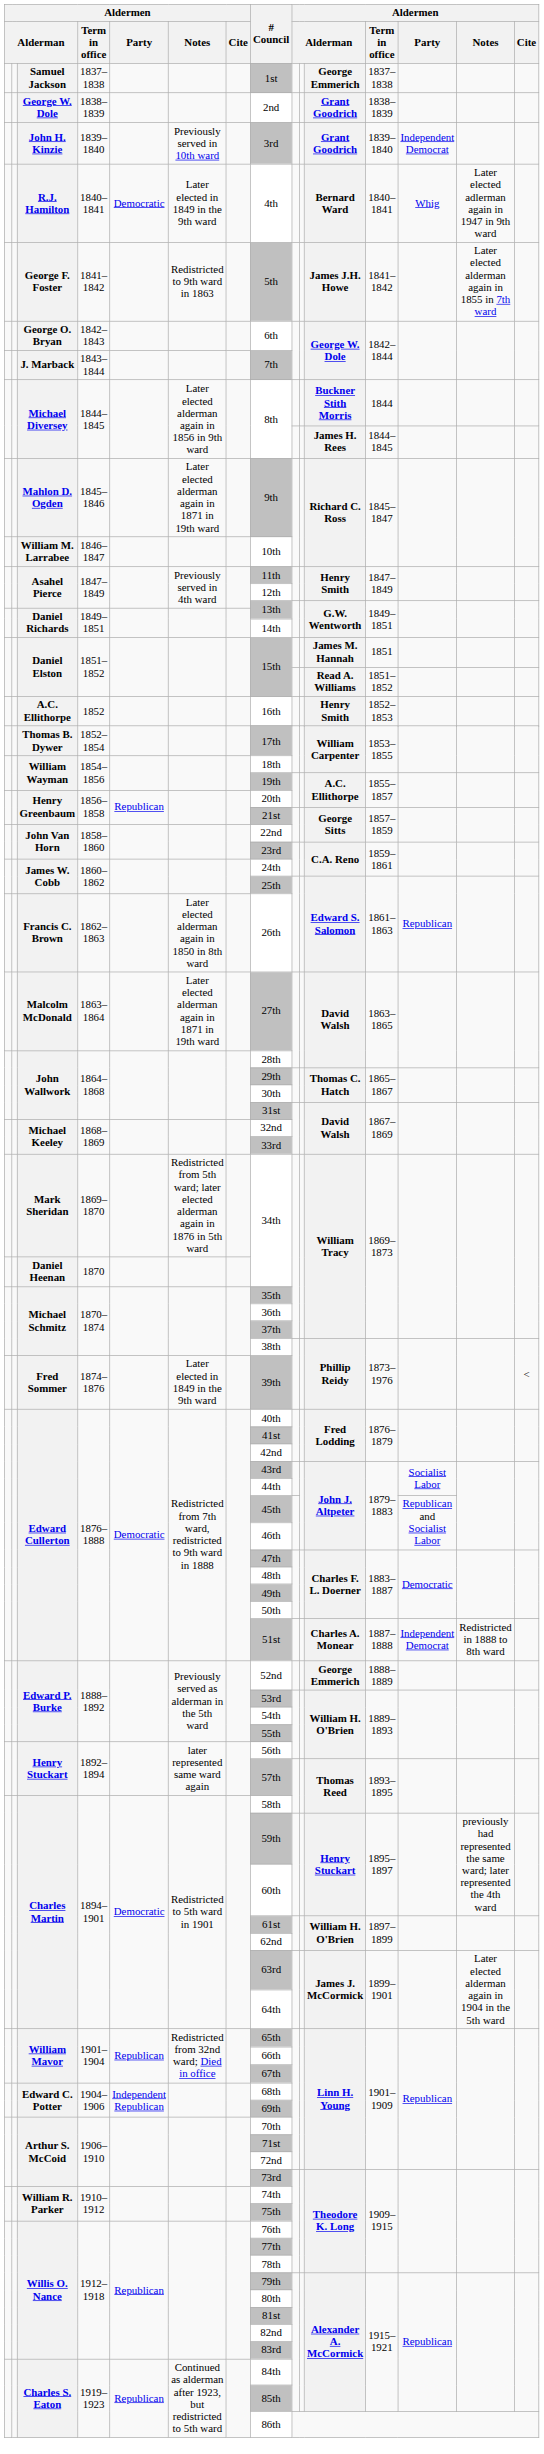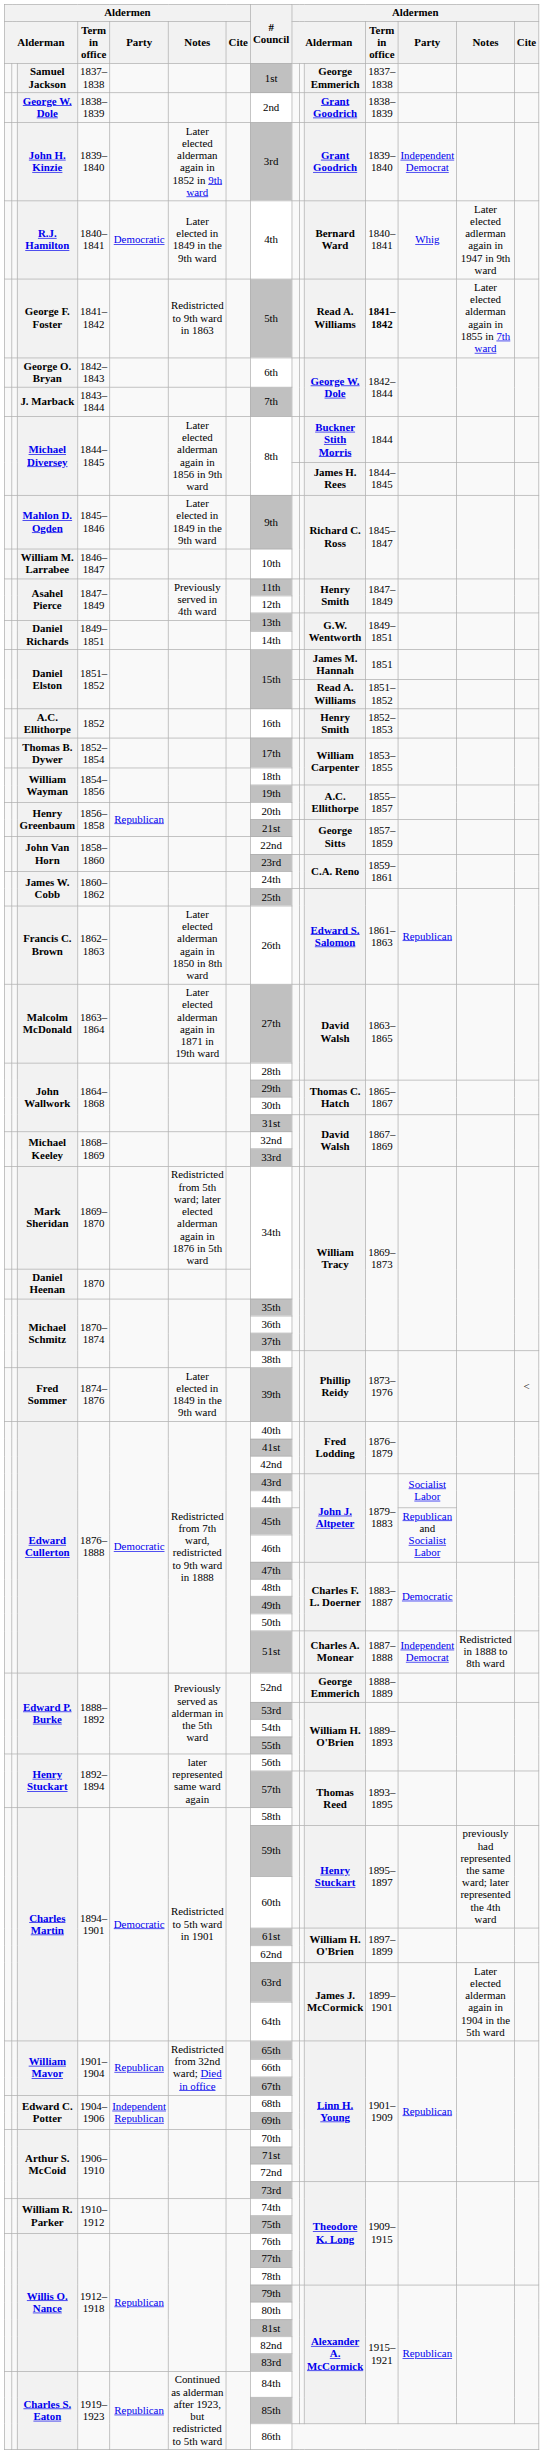 <table class="wikitable" style="text-align:center;">
 <tr>
 <th scope="col" colspan="7">Aldermen</th>
 <th rowspan=2 scope=col># Council</th>
 <th scope="col" colspan="7">Aldermen</th>
 </tr>
 <tr>
 <th scope="col" colspan="3">Alderman</th>
 <th scope="col">Term in office</th>
 <th scope="col">Party</th>
 <th scope="col">Notes</th>
 <th scope="col">Cite</th>
 <th scope="col" colspan="3">Alderman</th>
 <th scope="col">Term in office</th>
 <th scope="col">Party</th>
 <th scope="col">Notes</th>
 <th scope="col">Cite</th>
 </tr>
 <tr>
 <td></td>
 <td></td>
 <th scope="row">Samuel Jackson</th>
 <td>1837–1838</td>
 <td></td>
 <td></td>
 <td></td>
 <td style= "background-color:#C0C0C0">1st</td>
 <td></td>
 <td></td>
 <th scope="row">George Emmerich</th>
 <td>1837–1838</td>
 <td></td>
 <td></td>
 <td></td>
 </tr>
 <tr>
 <td></td>
 <td></td>
 <th scope="row"><a href='#'>George W. Dole</a></th>
 <td>1838–1839</td>
 <td></td>
 <td></td>
 <td></td>
 <td style= "background-color:#FFFFFF">2nd</td>
 <td></td>
 <td></td>
 <th scope="row"><a href='#'>Grant Goodrich</a></th>
 <td>1838–1839</td>
 <td></td>
 <td></td>
 <td></td>
 </tr>
 <tr>
 <td></td>
 <td></td>
 <th scope="row"><a href='#'>John H. Kinzie</a></th>
 <td>1839–1840</td>
 <td></td>
-<td>Previously served in <a href='#'>10th ward</a></td>
+<td>Later elected alderman again in 1852 in <a href='#'>9th ward</a></td>
 <td></td>
 <td style= "background-color:#C0C0C0">3rd</td>
 <td> </td>
 <td></td>
 <th scope="row"><a href='#'>Grant Goodrich</a></th>
 <td>1839–1840</td>
 <td><a href='#'>Independent Democrat</a></td>
 <td></td>
 <td></td>
 </tr>
 <tr>
 <td> </td>
 <td></td>
 <th scope="row"><a href='#'>R.J. Hamilton</a></th>
 <td>1840–1841</td>
 <td><a href='#'>Democratic</a></td>
 <td>Later elected in 1849 in the 9th ward</td>
 <td></td>
 <td style= "background-color:#FFFFFF">4th</td>
 <td> </td>
 <td></td>
 <th scope="row">Bernard Ward</th>
 <td>1840–1841</td>
 <td><a href='#'>Whig</a></td>
 <td>Later elected adlerman again in 1947 in 9th ward</td>
 <td></td>
 </tr>
 <tr>
 <td></td>
 <td></td>
 <th scope="row">George F. Foster</th>
 <td>1841–1842</td>
 <td></td>
 <td>Redistricted to 9th ward in 1863</td>
 <td></td>
 <td style= "background-color:#C0C0C0">5th</td>
 <td></td>
 <td></td>
-<th scope="row">James J.H. Howe</th>
-<td>1841–1842</td>
+<th scope="row">Read A. Williams</th>
+<td><strong>1841–1842</strong></td>
 <td></td>
 <td>Later elected alderman again in 1855 in <a href='#'>7th ward</a></td>
 <td></td>
 </tr>
 <tr>
 <td></td>
 <td></td>
 <th scope="row">George O. Bryan</th>
 <td>1842–1843</td>
 <td></td>
 <td></td>
 <td></td>
 <td style= "background-color:#FFFFFF">6th</td>
 <td rowspan=2></td>
 <td rowspan=2></td>
 <th rowspan=2 scope="row"><a href='#'>George W. Dole</a></th>
 <td rowspan=2>1842–1844</td>
 <td rowspan=2></td>
 <td rowspan=2></td>
 <td rowspan=2></td>
 </tr>
 <tr>
 <td></td>
 <td></td>
 <th scope="row">J. Marback</th>
 <td>1843–1844</td>
 <td></td>
 <td></td>
 <td></td>
 <td style= "background-color:#C0C0C0">7th</td>
 </tr>
 <tr>
 <td rowspan=2></td>
 <td rowspan=2></td>
 <th rowspan=2 scope="row"><a href='#'>Michael Diversey</a></th>
 <td rowspan=2>1844–1845</td>
 <td rowspan=2></td>
 <td rowspan=2>Later elected alderman again in 1856 in 9th ward</td>
 <td rowspan=2></td>
 <td rowspan=2 style= "background-color:#FFFFFF">8th</td>
 <td></td>
 <td></td>
 <th scope="row"><a href='#'>Buckner Stith Morris</a></th>
 <td>1844</td>
 <td></td>
 <td></td>
 <td></td>
 </tr>
 <tr>
 <td></td>
 <td></td>
 <th scope="row">James H. Rees</th>
 <td>1844–1845</td>
 <td></td>
 <td></td>
 <td></td>
 </tr>
 <tr>
 <td></td>
 <td></td>
 <th scope="row"><a href='#'>Mahlon D. Ogden</a></th>
 <td>1845–1846</td>
 <td></td>
-<td>Later elected alderman again in 1871 in 19th ward</td>
+<td>Later elected in 1849 in the 9th ward</td>
 <td></td>
 <td style= "background-color:#C0C0C0">9th</td>
 <td rowspan=2></td>
 <td rowspan=2></td>
 <th rowspan=2 scope="row">Richard C. Ross</th>
 <td rowspan=2>1845–1847</td>
 <td rowspan=2></td>
 <td rowspan=2></td>
 <td rowspan=2></td>
 </tr>
 <tr>
 <td></td>
 <td></td>
 <th scope="row">William M. Larrabee</th>
 <td>1846–1847</td>
 <td></td>
 <td></td>
 <td></td>
 <td style= "background-color:#FFFFFF">10th</td>
 </tr>
 <tr>
 <td rowspan=3></td>
 <td rowspan=3></td>
 <th rowspan=3 scope="row">Asahel Pierce</th>
 <td rowspan=3>1847–1849</td>
 <td rowspan=3></td>
 <td rowspan=3>Previously served in 4th ward</td>
 <td rowspan=3></td>
 <td style= "background-color:#C0C0C0">11th</td>
 <td rowspan=2></td>
 <td rowspan=2></td>
 <th rowspan=2 scope="row">Henry Smith</th>
 <td rowspan=2>1847–1849</td>
 <td rowspan=2></td>
 <td rowspan=2></td>
 <td rowspan=2></td>
 </tr>
 <tr>
 <td style= "background-color:#FFFFFF">12th</td>
 </tr>
 <tr>
 <td rowspan=2 style= "background-color:#C0C0C0">13th</td>
 <td rowspan=3></td>
 <td rowspan=3></td>
 <th rowspan=3 scope="row">G.W. Wentworth</th>
 <td rowspan=3>1849–1851</td>
 <td rowspan=3></td>
 <td rowspan=3></td>
 <td rowspan=3></td>
 </tr>
 <tr>
 <td rowspan=2></td>
 <td rowspan=2></td>
 <th rowspan=2 scope="row">Daniel Richards</th>
 <td rowspan=2>1849–1851</td>
 <td rowspan=2></td>
 <td rowspan=2></td>
 <td rowspan=2></td>
 </tr>
 <tr>
 <td style= "background-color:#FFFFFF">14th</td>
 </tr>
 <tr>
 <td rowspan=2></td>
 <td rowspan=2></td>
 <th rowspan=2 scope="row">Daniel Elston</th>
 <td rowspan=2>1851–1852</td>
 <td rowspan=2></td>
 <td rowspan=2></td>
 <td rowspan=2></td>
 <td rowspan=2 style= "background-color:#C0C0C0">15th</td>
 <td></td>
 <td></td>
 <th scope="row">James M. Hannah</th>
 <td>1851</td>
 <td></td>
 <td></td>
 <td></td>
 </tr>
 <tr>
 <td></td>
 <td></td>
 <th scope="row">Read A. Williams</th>
 <td>1851–1852</td>
 <td></td>
 <td></td>
 <td></td>
 </tr>
 <tr>
 <td></td>
 <td></td>
 <th scope="row">A.C. Ellithorpe</th>
 <td>1852</td>
 <td></td>
 <td></td>
 <td></td>
 <td rowpsan=2 style= "background-color:#FFFFFF">16th</td>
 <td rowspan=2></td>
 <td rowspan=2></td>
 <th rowspan=2 scope="row">Henry Smith</th>
 <td rowspan=2>1852–1853</td>
 <td rowspan=2></td>
 <td rowspan=2></td>
 <td rowspan=2></td>
 </tr>
 <tr>
 <td rowspan=2></td>
 <td rowspan=2></td>
 <th rowspan=2 scope="row">Thomas B. Dywer</th>
 <td rowspan=2>1852–1854</td>
 <td rowspan=2></td>
 <td rowspan=2></td>
 <td rowspan=2></td>
 </tr>
 <tr>
 <td style= "background-color:#C0C0C0">17th</td>
 <td rowspan=2></td>
 <td rowspan=2></td>
 <th rowspan=2 scope="row">William Carpenter</th>
 <td rowspan=2>1853–1855</td>
 <td rowspan=2></td>
 <td rowspan=2></td>
 <td rowspan=2></td>
 </tr>
 <tr>
 <td rowspan=2></td>
 <td rowspan=2></td>
 <th rowspan=2 scope="row">William Wayman</th>
 <td rowspan=2>1854–1856</td>
 <td rowspan=2></td>
 <td rowspan=2></td>
 <td rowspan=2></td>
 <td style= "background-color:#FFFFFF">18th</td>
 </tr>
 <tr>
 <td style= "background-color:#C0C0C0">19th</td>
 <td rowspan=2></td>
 <td rowspan=2></td>
 <th rowspan=2 scope="row">A.C. Ellithorpe</th>
 <td rowspan=2>1855–1857</td>
 <td rowspan=2></td>
 <td rowspan=2></td>
 <td rowspan=2></td>
 </tr>
 <tr>
 <td rowspan=2> </td>
 <td rowspan=2></td>
 <th rowspan=2 scope="row">Henry Greenbaum</th>
 <td rowspan=2>1856–1858</td>
 <td rowspan=2><a href='#'>Republican</a></td>
 <td rowspan=2></td>
 <td rowspan=2></td>
 <td style= "background-color:#FFFFFF">20th</td>
 </tr>
 <tr>
 <td style= "background-color:#C0C0C0">21st</td>
 <td rowspan=2></td>
 <td rowspan=2></td>
 <th rowspan=2 scope="row">George Sitts</th>
 <td rowspan=2>1857–1859</td>
 <td rowspan=2></td>
 <td rowspan=2></td>
 <td rowspan=2></td>
 </tr>
 <tr>
 <td rowspan=2></td>
 <td rowspan=2></td>
 <th rowspan=2 scope="row">John Van Horn</th>
 <td rowspan=2>1858–1860</td>
 <td rowspan=2></td>
 <td rowspan=2></td>
 <td rowspan=2></td>
 <td style= "background-color:#FFFFFF">22nd</td>
 </tr>
 <tr>
 <td style= "background-color:#C0C0C0">23rd</td>
 <td rowspan=2></td>
 <td rowspan=2></td>
 <th rowspan=2 scope="row">C.A. Reno</th>
 <td rowspan=2>1859–1861</td>
 <td rowspan=2></td>
 <td rowspan=2></td>
 <td rowspan=2></td>
 </tr>
 <tr>
 <td rowspan=2></td>
 <td rowspan=2></td>
 <th rowspan=2 scope="row">James W. Cobb</th>
 <td rowspan=2>1860–1862</td>
 <td rowspan=2></td>
 <td rowspan=2></td>
 <td rowspan=2></td>
 <td style= "background-color:#FFFFFF">24th</td>
 </tr>
 <tr>
 <td style= "background-color:#C0C0C0">25th</td>
 <td rowspan=2> </td>
 <td rowspan=2></td>
 <th rowspan=2 scope="row"><a href='#'>Edward S. Salomon</a></th>
 <td rowspan=2>1861–1863</td>
 <td rowspan=2><a href='#'>Republican</a></td>
 <td rowspan=2></td>
 <td rowspan=2></td>
 </tr>
 <tr>
 <td></td>
 <td></td>
 <th scope="row">Francis C. Brown</th>
 <td>1862–1863</td>
 <td></td>
 <td>Later elected alderman again in 1850 in 8th ward</td>
 <td></td>
 <td style= "background-color:#FFFFFF">26th</td>
 </tr>
 <tr>
 <td></td>
 <td></td>
 <th scope="row">Malcolm McDonald</th>
 <td>1863–1864</td>
 <td></td>
 <td>Later elected alderman again in 1871 in 19th ward</td>
 <td></td>
 <td style= "background-color:#C0C0C0">27th</td>
 <td rowspan=2></td>
 <td rowspan=2></td>
 <th rowspan=2 scope="row">David Walsh</th>
 <td rowspan=2>1863–1865</td>
 <td rowspan=2></td>
 <td rowspan=2></td>
 <td rowspan=2></td>
 </tr>
 <tr>
 <td rowspan=4></td>
 <td rowspan=4></td>
 <th rowspan=4 scope="row">John Wallwork</th>
 <td rowspan=4>1864–1868</td>
 <td rowspan=4></td>
 <td rowspan=4></td>
 <td rowspan=4></td>
 <td style= "background-color:#FFFFFF">28th</td>
 </tr>
 <tr>
 <td style= "background-color:#C0C0C0">29th</td>
 <td rowspan=2></td>
 <td rowspan=2></td>
 <th rowspan=2 scope="row">Thomas C. Hatch</th>
 <td rowspan=2>1865–1867</td>
 <td rowspan=2></td>
 <td rowspan=2></td>
 <td rowspan=2></td>
 </tr>
 <tr>
 <td style= "background-color:#FFFFFF">30th</td>
 </tr>
 <tr>
 <td style= "background-color:#C0C0C0">31st</td>
 <td rowspan=3></td>
 <td rowspan=3></td>
 <th rowspan=3 scope="row">David Walsh</th>
 <td rowspan=3>1867–1869</td>
 <td rowspan=3></td>
 <td rowspan=3></td>
 <td rowspan=3></td>
 </tr>
 <tr>
 <td rowspan=2></td>
 <td rowspan=2></td>
 <th rowspan=2 scope="row">Michael Keeley</th>
 <td rowspan=2>1868–1869</td>
 <td rowspan=2></td>
 <td rowspan=2></td>
 <td rowspan=2></td>
 <td style= "background-color:#FFFFFF">32nd</td>
 </tr>
 <tr>
 <td style= "background-color:#C0C0C0">33rd</td>
 </tr>
 <tr>
 <td></td>
 <td></td>
 <th scope="row">Mark Sheridan</th>
 <td>1869–1870</td>
 <td></td>
 <td>Redistricted from 5th ward; later elected alderman again in 1876 in 5th ward</td>
 <td></td>
 <td rowspan=2 style= "background-color:#FFFFFF">34th</td>
 <td rowspan=5></td>
 <td rowspan=5></td>
 <th rowspan=5 scope="row">William Tracy</th>
 <td rowspan=5>1869–1873</td>
 <td rowspan=5></td>
 <td rowspan=5></td>
 <td rowspan=5></td>
 </tr>
 <tr>
 <td></td>
 <td></td>
 <th scope="row">Daniel Heenan</th>
 <td>1870</td>
 <td></td>
 <td></td>
 <td></td>
 </tr>
 <tr>
 <td rowspan=4></td>
 <td rowspan=4></td>
 <th rowspan=4 scope="row">Michael Schmitz</th>
 <td rowspan=4>1870–1874</td>
 <td rowspan=4></td>
 <td rowspan=4></td>
 <td rowspan=4></td>
 <td style= "background-color:#C0C0C0">35th</td>
 </tr>
 <tr>
 <td style= "background-color:#FFFFFF">36th</td>
 </tr>
 <tr>
 <td style= "background-color:#C0C0C0">37th</td>
 </tr>
 <tr>
 <td style= "background-color:#FFFFFF">38th</td>
 <td rowspan=2></td>
 <td rowspan=2></td>
 <th rowspan=2 scope="row">Phillip Reidy</th>
 <td rowspan=2>1873–1976</td>
 <td rowspan=2></td>
 <td rowspan=2></td>
 <td rowspan=2><</td>
 </tr>
 <tr>
 <td></td>
 <td></td>
 <th scope="row">Fred Sommer</th>
 <td>1874–1876</td>
 <td></td>
 <td>Later elected in 1849 in the 9th ward</td>
 <td></td>
 <td style= "background-color:#C0C0C0">39th</td>
 </tr>
 <tr>
 <td rowspan=12> </td>
 <td rowspan=12></td>
 <th rowspan=12 scope="row"><a href='#'>Edward Cullerton</a></th>
 <td rowspan=12>1876–1888</td>
 <td rowspan=12><a href='#'>Democratic</a></td>
 <td rowspan=12>Redistricted from 7th ward, redistricted to 9th ward in 1888</td>
 <td rowspan=12></td>
 <td style= "background-color:#FFFFFF">40th</td>
 <td rowspan=3></td>
 <td rowspan=3></td>
 <th rowspan=3 scope="row">Fred Lodding</th>
 <td rowspan=3>1876–1879</td>
 <td rowspan=3></td>
 <td rowspan=3></td>
 <td rowspan=3></td>
 </tr>
 <tr>
 <td style= "background-color:#C0C0C0">41st</td>
 </tr>
 <tr>
 <td style= "background-color:#FFFFFF">42nd</td>
 </tr>
 <tr>
 <td style= "background-color:#C0C0C0">43rd</td>
 <td rowspan=2> </td>
 <td rowspan=4></td>
 <th rowspan=4 scope="row"><a href='#'>John J. Altpeter</a></th>
 <td rowspan=4>1879–1883</td>
 <td rowspan=2><a href='#'>Socialist Labor</a></td>
 <td rowspan=4></td>
 <td rowspan=4></td>
 </tr>
 <tr>
 <td style= "background-color:#FFFFFF">44th</td>
 </tr>
 <tr>
 <td style= "background-color:#C0C0C0">45th</td>
 <td rowspan=2> </td>
 <td rowspan=2><a href='#'>Republican</a> and <a href='#'>Socialist Labor</a></td>
 </tr>
 <tr>
 <td style= "background-color:#FFFFFF">46th</td>
 </tr>
 <tr>
 <td style= "background-color:#C0C0C0">47th</td>
 <td rowspan=4> </td>
 <td rowspan=4></td>
 <th rowspan=4 scope="row">Charles F. L. Doerner</th>
 <td rowspan=4>1883–1887</td>
 <td rowspan=4><a href='#'>Democratic</a></td>
 <td rowspan=4></td>
 <td rowspan=4></td>
 </tr>
 <tr>
 <td style= "background-color:#FFFFFF">48th</td>
 </tr>
 <tr>
 <td style= "background-color:#C0C0C0">49th</td>
 </tr>
 <tr>
 <td style= "background-color:#FFFFFF">50th</td>
 </tr>
 <tr>
 <td style= "background-color:#C0C0C0">51st</td>
 <td> </td>
 <td></td>
 <th scope="row">Charles A. Monear</th>
 <td>1887–1888</td>
 <td><a href='#'>Independent Democrat</a></td>
 <td>Redistricted in 1888 to 8th ward</td>
 <td></td>
 </tr>
 <tr>
 <td rowspan=4></td>
 <td rowspan=4></td>
 <th rowspan=4 scope="row"><a href='#'>Edward P. Burke</a></th>
 <td rowspan=4>1888–1892</td>
 <td rowspan=4></td>
 <td rowspan=4>Previously served as alderman in the 5th ward</td>
 <td rowspan=4></td>
 <td style= "background-color:#FFFFFF">52nd</td>
 <td></td>
 <td></td>
 <th scope="row">George Emmerich</th>
 <td>1888–1889</td>
 <td></td>
 <td></td>
 <td></td>
 </tr>
 <tr>
 <td style= "background-color:#C0C0C0">53rd</td>
 <td rowspan=4></td>
 <td rowspan=4></td>
 <th rowspan=4 scope="row">William H. O'Brien</th>
 <td rowspan=4>1889–1893</td>
 <td rowspan=4></td>
 <td rowspan=4></td>
 <td rowspan=4></td>
 </tr>
 <tr>
 <td style= "background-color:#FFFFFF">54th</td>
 </tr>
 <tr>
 <td style= "background-color:#C0C0C0">55th</td>
 </tr>
 <tr>
 <td rowspan=2></td>
 <td rowspan=2></td>
 <th rowspan=2 scope="row"><a href='#'>Henry Stuckart</a></th>
 <td rowspan=2>1892–1894</td>
 <td rowspan=2></td>
 <td rowspan=2>later represented same ward again</td>
 <td rowspan=2></td>
 <td style= "background-color:#FFFFFF">56th</td>
 </tr>
 <tr>
 <td style= "background-color:#C0C0C0">57th</td>
 <td rowspan=2></td>
 <td rowspan=2></td>
 <th rowspan=2 scope="row">Thomas Reed</th>
 <td rowspan=2>1893–1895</td>
 <td rowspan=2></td>
 <td rowspan=2></td>
 <td rowspan=2></td>
 </tr>
 <tr>
 <td rowspan=7> </td>
 <td rowspan=7></td>
 <th rowspan=7 scope="row"><a href='#'>Charles Martin</a></th>
 <td rowspan=7>1894–1901</td>
 <td rowspan=7><a href='#'>Democratic</a></td>
 <td rowspan=7>Redistricted to 5th ward in 1901</td>
 <td rowspan=7></td>
 <td style= "background-color:#FFFFFF">58th</td>
 </tr>
 <tr>
 <td style= "background-color:#C0C0C0">59th</td>
 <td rowspan=2></td>
 <td rowspan=2></td>
 <th rowspan=2 scope="row"><a href='#'>Henry Stuckart</a></th>
 <td rowspan=2>1895–1897</td>
 <td rowspan=2></td>
 <td rowspan=2>previously had represented the same ward; later represented the 4th ward</td>
 <td rowspan=2></td>
 </tr>
 <tr>
 <td style= "background-color:#FFFFFF">60th</td>
 </tr>
 <tr>
 <td style= "background-color:#C0C0C0">61st</td>
 <td rowspan=2></td>
 <td rowspan=2></td>
 <th rowspan=2 scope="row">William H. O'Brien</th>
 <td rowspan=2>1897–1899</td>
 <td rowspan=2></td>
 <td rowspan=2></td>
 <td rowspan=2></td>
 </tr>
 <tr>
 <td style= "background-color:#FFFFFF">62nd</td>
 </tr>
 <tr>
 <td style= "background-color:#C0C0C0">63rd</td>
 <td rowspan=2></td>
 <td rowspan=2></td>
 <th rowspan=2 scope="row">James J. McCormick</th>
 <td rowspan=2>1899–1901</td>
 <td rowspan=2></td>
 <td rowspan=2>Later elected alderman again in 1904 in the 5th ward</td>
 <td rowspan=2></td>
 </tr>
 <tr>
 <td style= "background-color:#FFFFFF">64th</td>
 </tr>
 <tr>
 <td rowspan=3> </td>
 <td rowspan=3></td>
 <th rowspan=3 scope="row"><a href='#'>William Mavor</a></th>
 <td rowspan=3>1901–1904</td>
 <td rowspan=3><a href='#'>Republican</a></td>
 <td rowspan=3>Redistricted from 32nd ward; <a href='#'>Died in office</a></td>
 <td rowspan=3></td>
 <td style= "background-color:#C0C0C0">65th</td>
 <td rowspan=8> </td>
 <td rowspan=8></td>
 <th rowspan=8 scope="row"><a href='#'>Linn H. Young</a></th>
 <td rowspan=8>1901–1909</td>
 <td rowspan=8><a href='#'>Republican</a></td>
 <td rowspan=8></td>
 <td rowspan=8></td>
 </tr>
 <tr>
 <td style= "background-color:#FFFFFF">66th</td>
 </tr>
 <tr>
 <td style= "background-color:#C0C0C0">67th</td>
 </tr>
 <tr>
 <td rowspan=2> </td>
 <td rowspan=2></td>
 <th rowspan=2 scope="row">Edward C. Potter</th>
 <td rowspan=2>1904–1906</td>
 <td rowspan=2><a href='#'>Independent Republican</a></td>
 <td rowspan=2></td>
 <td rowspan=2></td>
 <td style= "background-color:#FFFFFF">68th</td>
 </tr>
 <tr>
 <td style= "background-color:#C0C0C0">69th</td>
 </tr>
 <tr>
 <td rowspan=4></td>
 <td rowspan=4></td>
 <th rowspan=4 scope="row">Arthur S. McCoid</th>
 <td rowspan=4>1906–1910</td>
 <td rowspan=4></td>
 <td rowspan=4></td>
 <td rowspan=4></td>
 <td style= "background-color:#FFFFFF">70th</td>
 </tr>
 <tr>
 <td style= "background-color:#C0C0C0">71st</td>
 </tr>
 <tr>
 <td style= "background-color:#FFFFFF">72nd</td>
 </tr>
 <tr>
 <td style= "background-color:#C0C0C0">73rd</td>
 <td rowspan=6></td>
 <td rowspan=6></td>
 <th rowspan=6 scope="row"><a href='#'>Theodore K. Long</a></th>
 <td rowspan=6>1909–1915</td>
 <td rowspan=6></td>
 <td rowspan=6></td>
 <td rowspan=6></td>
 </tr>
 <tr>
 <td rowspan=2></td>
 <td rowspan=2></td>
 <th rowspan=2 scope="row">William R. Parker</th>
 <td rowspan=2>1910–1912</td>
 <td rowspan=2></td>
 <td rowspan=2></td>
 <td rowspan=2></td>
 <td style= "background-color:#FFFFFF">74th</td>
 </tr>
 <tr>
 <td style= "background-color:#C0C0C0">75th</td>
 </tr>
 <tr>
 <td rowspan=8> </td>
 <td rowspan=8></td>
 <th rowspan=8 scope="row"><a href='#'>Willis O. Nance</a></th>
 <td rowspan=8>1912–1918</td>
 <td rowspan=8><a href='#'>Republican</a></td>
 <td rowspan=8></td>
 <td rowspan=8></td>
 <td style= "background-color:#FFFFFF">76th</td>
 </tr>
 <tr>
 <td style= "background-color:#C0C0C0">77th</td>
 </tr>
 <tr>
 <td style= "background-color:#FFFFFF">78th</td>
 </tr>
 <tr>
 <td style= "background-color:#C0C0C0">79th</td>
 <td rowspan=7> </td>
 <td rowspan=7></td>
 <th rowspan=7 scope="row"><a href='#'>Alexander A. McCormick</a></th>
 <td rowspan=7>1915–1921</td>
 <td rowspan=7><a href='#'>Republican</a></td>
 <td rowspan=7></td>
 <td rowspan=7></td>
 </tr>
 <tr>
 <td style= "background-color:#FFFFFF">80th</td>
 </tr>
 <tr>
 <td style= "background-color:#C0C0C0">81st</td>
 </tr>
 <tr>
 <td style= "background-color:#FFFFFF">82nd</td>
 </tr>
 <tr>
 <td style= "background-color:#C0C0C0">83rd</td>
 </tr>
 <tr>
 <td rowspan=3> </td>
 <td rowspan=3></td>
 <th rowspan=3 scope="row"><a href='#'>Charles S. Eaton</a></th>
 <td rowspan=3>1919–1923</td>
 <td rowspan=3><a href='#'>Republican</a></td>
 <td rowspan=3>Continued as alderman after 1923, but redistricted to 5th ward</td>
 <td rowspan=3></td>
 <td style= "background-color:#FFFFFF">84th</td>
 </tr>
 <tr>
 <td style= "background-color:#C0C0C0">85th</td>
 </tr>
 <tr>
 <td style= "background-color:#FFFFFF">86th</td>
 </tr>
 </table>
